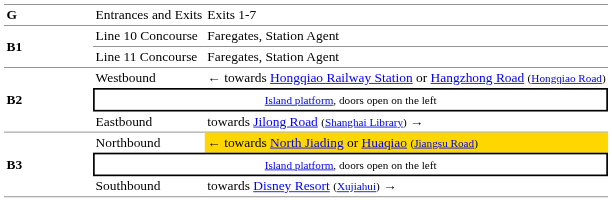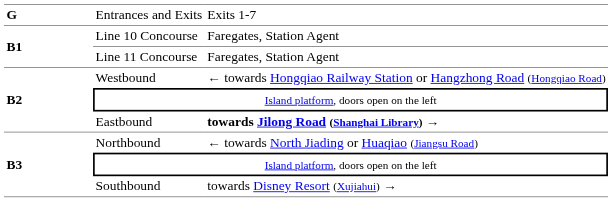 <table cellspacing=0 cellpadding=3>
 <tr>
 <td style="border-top:solid 1px gray;border-bottom:solid 1px gray;" width=100><strong>G</strong></td>
 <td style="border-top:solid 1px gray;border-bottom:solid 1px gray;">Entrances and Exits</td>
 <td style="border-top:solid 1px gray;border-bottom:solid 1px gray;">Exits 1-7</td>
 </tr>
 <tr>
 <td style="border-bottom:solid 1px gray;" rowspan=2><strong>B1</strong></td>
 <td style="border-bottom:solid 1px gray;">Line 10 Concourse</td>
 <td style="border-bottom:solid 1px gray;">Faregates, Station Agent</td>
 </tr>
 <tr>
 <td style="border-bottom:solid 1px gray;">Line 11 Concourse</td>
 <td style="border-bottom:solid 1px gray;">Faregates, Station Agent</td>
 </tr>
 <tr>
 <td style="border-bottom:solid 1px gray;" rowspan=3><strong>B2</strong></td>
 <td>Westbound</td>
 <td>←  towards <a href='#'>Hongqiao Railway Station</a> or <a href='#'>Hangzhong Road</a> <small>(<a href='#'>Hongqiao Road</a>)</small></td>
 </tr>
 <tr>
 <td style="border-right:solid 2px black;border-left:solid 2px black;border-top:solid 2px black;border-bottom:solid 2px black;text-align:center;" colspan=2><small><a href='#'>Island platform</a>, doors open on the left</small></td>
 </tr>
 <tr>
 <td style="border-bottom:solid 1px gray;">Eastbound</td>
-<td style="border-bottom:solid 1px gray;">  towards <a href='#'>Jilong Road</a> <small>(<a href='#'>Shanghai Library</a>)</small> →</td>
+<td style="border-bottom:solid 1px gray;"><strong>  towards <a href='#'>Jilong Road</a> <small>(<a href='#'>Shanghai Library</a>)</small> →</strong></td>
 </tr>
 <tr>
 <td style="border-bottom:solid 1px gray;" rowspan=3><strong>B3</strong></td>
 <td>Northbound</td>
-<td style="background: gold;">←  towards <a href='#'>North Jiading</a> or <a href='#'>Huaqiao</a> <small>(<a href='#'>Jiangsu Road</a>)</small></td>
+<td>←  towards <a href='#'>North Jiading</a> or <a href='#'>Huaqiao</a> <small>(<a href='#'>Jiangsu Road</a>)</small></td>
 </tr>
 <tr>
 <td style="border-right:solid 2px black;border-left:solid 2px black;border-top:solid 2px black;border-bottom:solid 2px black;text-align:center;" colspan=2><small><a href='#'>Island platform</a>, doors open on the left</small></td>
 </tr>
 <tr>
 <td style="border-bottom:solid 1px gray;">Southbound</td>
 <td style="border-bottom:solid 1px gray;">  towards <a href='#'>Disney Resort</a> <small>(<a href='#'>Xujiahui</a>)</small> →</td>
 </tr>
 </table>
